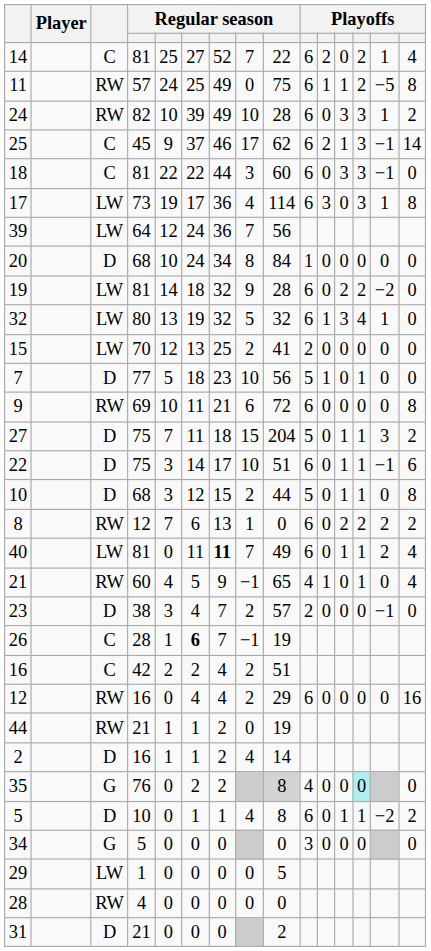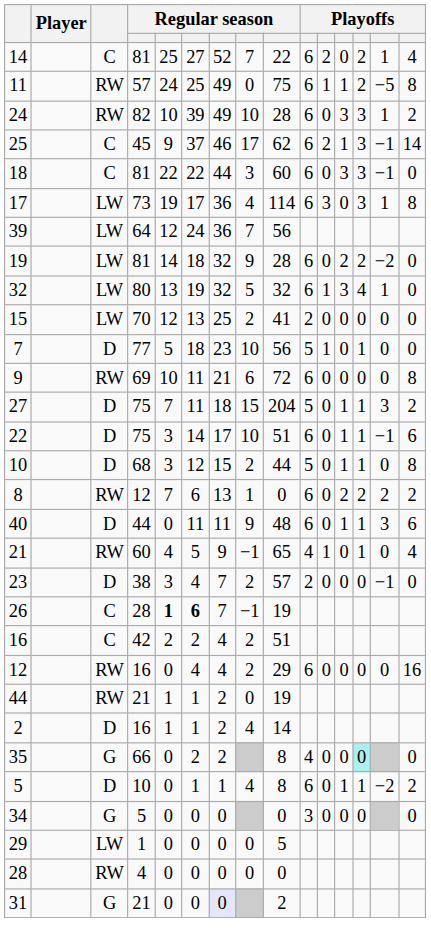 <table class="wikitable sortable plainrowheaders" style="text-align:center;">
 <tr>
 <th scope="col" data-sort-type="number" rowspan="2"></th>
 <th scope="col" rowspan="2">Player</th>
 <th scope="col" rowspan="2"></th>
 <th scope=colgroup colspan=6>Regular season</th>
 <th scope=colgroup colspan=6>Playoffs</th>
 </tr>
 <tr>
 <th scope="col" data-sort-type="number"></th>
 <th scope="col" data-sort-type="number"></th>
 <th scope="col" data-sort-type="number"></th>
 <th scope="col" data-sort-type="number"></th>
 <th scope="col" data-sort-type="number"></th>
 <th scope="col" data-sort-type="number"></th>
 <th scope="col" data-sort-type="number"></th>
 <th scope="col" data-sort-type="number"></th>
 <th scope="col" data-sort-type="number"></th>
 <th scope="col" data-sort-type="number"></th>
 <th scope="col" data-sort-type="number"></th>
 <th scope="col" data-sort-type="number"></th>
 </tr>
 <tr>
 <td scope="row">14</td>
 <td align="left"></td>
 <td>C</td>
 <td>81</td>
 <td>25</td>
 <td>27</td>
 <td>52</td>
 <td>7</td>
 <td>22</td>
 <td>6</td>
 <td>2</td>
 <td>0</td>
 <td>2</td>
 <td>1</td>
 <td>4</td>
 </tr>
 <tr>
 <td scope="row">11</td>
 <td align="left"></td>
 <td>RW</td>
 <td>57</td>
 <td>24</td>
 <td>25</td>
 <td>49</td>
 <td>0</td>
 <td>75</td>
 <td>6</td>
 <td>1</td>
 <td>1</td>
 <td>2</td>
 <td>−5</td>
 <td>8</td>
 </tr>
 <tr>
 <td scope="row">24</td>
 <td align="left"></td>
 <td>RW</td>
 <td>82</td>
 <td>10</td>
 <td>39</td>
 <td>49</td>
 <td>10</td>
 <td>28</td>
 <td>6</td>
 <td>0</td>
 <td>3</td>
 <td>3</td>
 <td>1</td>
 <td>2</td>
 </tr>
 <tr>
 <td scope="row">25</td>
 <td align="left"></td>
 <td>C</td>
 <td>45</td>
 <td>9</td>
 <td>37</td>
 <td>46</td>
 <td>17</td>
 <td>62</td>
 <td>6</td>
 <td>2</td>
 <td>1</td>
 <td>3</td>
 <td>−1</td>
 <td>14</td>
 </tr>
 <tr>
 <td scope="row">18</td>
 <td align="left"></td>
 <td>C</td>
 <td>81</td>
 <td>22</td>
 <td>22</td>
 <td>44</td>
 <td>3</td>
 <td>60</td>
 <td>6</td>
 <td>0</td>
 <td>3</td>
 <td>3</td>
 <td>−1</td>
 <td>0</td>
 </tr>
 <tr>
 <td scope="row">17</td>
 <td align="left"></td>
 <td>LW</td>
 <td>73</td>
 <td>19</td>
 <td>17</td>
 <td>36</td>
 <td>4</td>
 <td>114</td>
 <td>6</td>
 <td>3</td>
 <td>0</td>
 <td>3</td>
 <td>1</td>
 <td>8</td>
 </tr>
 <tr>
 <td scope="row">39</td>
 <td align="left"></td>
 <td>LW</td>
 <td>64</td>
 <td>12</td>
 <td>24</td>
 <td>36</td>
 <td>7</td>
 <td>56</td>
 <td></td>
 <td></td>
 <td></td>
 <td></td>
 <td></td>
 <td></td>
-</tr>
-<tr>
-<td scope="row">20</td>
-<td align="left"></td>
-<td>D</td>
-<td>68</td>
-<td>10</td>
-<td>24</td>
-<td>34</td>
-<td>8</td>
-<td>84</td>
-<td>1</td>
-<td>0</td>
-<td>0</td>
-<td>0</td>
-<td>0</td>
-<td>0</td>
 </tr>
 <tr>
 <td scope="row">19</td>
 <td align="left"></td>
 <td>LW</td>
 <td>81</td>
 <td>14</td>
 <td>18</td>
 <td>32</td>
 <td>9</td>
 <td>28</td>
 <td>6</td>
 <td>0</td>
 <td>2</td>
 <td>2</td>
 <td>−2</td>
 <td>0</td>
 </tr>
 <tr>
 <td scope="row">32</td>
 <td align="left"></td>
 <td>LW</td>
 <td>80</td>
 <td>13</td>
 <td>19</td>
 <td>32</td>
 <td>5</td>
 <td>32</td>
 <td>6</td>
 <td>1</td>
 <td>3</td>
 <td>4</td>
 <td>1</td>
 <td>0</td>
 </tr>
 <tr>
 <td scope="row">15</td>
 <td align="left"></td>
 <td>LW</td>
 <td>70</td>
 <td>12</td>
 <td>13</td>
 <td>25</td>
 <td>2</td>
 <td>41</td>
 <td>2</td>
 <td>0</td>
 <td>0</td>
 <td>0</td>
 <td>0</td>
 <td>0</td>
 </tr>
 <tr>
 <td scope="row">7</td>
 <td align="left"></td>
 <td>D</td>
 <td>77</td>
 <td>5</td>
 <td>18</td>
 <td>23</td>
 <td>10</td>
 <td>56</td>
 <td>5</td>
 <td>1</td>
 <td>0</td>
 <td>1</td>
 <td>0</td>
 <td>0</td>
 </tr>
 <tr>
 <td scope="row">9</td>
 <td align="left"></td>
 <td>RW</td>
 <td>69</td>
 <td>10</td>
 <td>11</td>
 <td>21</td>
 <td>6</td>
 <td>72</td>
 <td>6</td>
 <td>0</td>
 <td>0</td>
 <td>0</td>
 <td>0</td>
 <td>8</td>
 </tr>
 <tr>
 <td scope="row">27</td>
 <td align="left"></td>
 <td>D</td>
 <td>75</td>
 <td>7</td>
 <td>11</td>
 <td>18</td>
 <td>15</td>
 <td>204</td>
 <td>5</td>
 <td>0</td>
 <td>1</td>
 <td>1</td>
 <td>3</td>
 <td>2</td>
 </tr>
 <tr>
 <td scope="row">22</td>
 <td align="left"></td>
 <td>D</td>
 <td>75</td>
 <td>3</td>
 <td>14</td>
 <td>17</td>
 <td>10</td>
 <td>51</td>
 <td>6</td>
 <td>0</td>
 <td>1</td>
 <td>1</td>
 <td>−1</td>
 <td>6</td>
 </tr>
 <tr>
 <td scope="row">10</td>
 <td align="left"></td>
 <td>D</td>
 <td>68</td>
 <td>3</td>
 <td>12</td>
 <td>15</td>
 <td>2</td>
 <td>44</td>
 <td>5</td>
 <td>0</td>
 <td>1</td>
 <td>1</td>
 <td>0</td>
 <td>8</td>
 </tr>
 <tr>
 <td scope="row">8</td>
 <td align="left"></td>
 <td>RW</td>
 <td>12</td>
 <td>7</td>
 <td>6</td>
 <td>13</td>
 <td>1</td>
 <td>0</td>
 <td>6</td>
 <td>0</td>
 <td>2</td>
 <td>2</td>
 <td>2</td>
 <td>2</td>
 </tr>
 <tr>
 <td scope="row">40</td>
 <td align="left"></td>
-<td>LW</td>
-<td>81</td>
+<td>D</td>
+<td>44</td>
 <td>0</td>
 <td>11</td>
-<td><strong>11</strong></td>
-<td>7</td>
-<td>49</td>
+<td>11</td>
+<td>9</td>
+<td>48</td>
 <td>6</td>
 <td>0</td>
 <td>1</td>
 <td>1</td>
-<td>2</td>
-<td>4</td>
+<td>3</td>
+<td>6</td>
 </tr>
 <tr>
 <td scope="row">21</td>
 <td align="left"></td>
 <td>RW</td>
 <td>60</td>
 <td>4</td>
 <td>5</td>
 <td>9</td>
 <td>−1</td>
 <td>65</td>
 <td>4</td>
 <td>1</td>
 <td>0</td>
 <td>1</td>
 <td>0</td>
 <td>4</td>
 </tr>
 <tr>
 <td scope="row">23</td>
 <td align="left"></td>
 <td>D</td>
 <td>38</td>
 <td>3</td>
 <td>4</td>
 <td>7</td>
 <td>2</td>
 <td>57</td>
 <td>2</td>
 <td>0</td>
 <td>0</td>
 <td>0</td>
 <td>−1</td>
 <td>0</td>
 </tr>
 <tr>
 <td scope="row">26</td>
 <td align="left"></td>
 <td>C</td>
 <td>28</td>
-<td>1</td>
+<td><strong>1</strong></td>
 <td><strong>6</strong></td>
 <td>7</td>
 <td>−1</td>
 <td>19</td>
 <td></td>
 <td></td>
 <td></td>
 <td></td>
 <td></td>
 <td></td>
 </tr>
 <tr>
 <td scope="row">16</td>
 <td align="left"></td>
 <td>C</td>
 <td>42</td>
 <td>2</td>
 <td>2</td>
 <td>4</td>
 <td>2</td>
 <td>51</td>
 <td></td>
 <td></td>
 <td></td>
 <td></td>
 <td></td>
 <td></td>
 </tr>
 <tr>
 <td scope="row">12</td>
 <td align="left"></td>
 <td>RW</td>
 <td>16</td>
 <td>0</td>
 <td>4</td>
 <td>4</td>
 <td>2</td>
 <td>29</td>
 <td>6</td>
 <td>0</td>
 <td>0</td>
 <td>0</td>
 <td>0</td>
 <td>16</td>
 </tr>
 <tr>
 <td scope="row">44</td>
 <td align="left"></td>
 <td>RW</td>
 <td>21</td>
 <td>1</td>
 <td>1</td>
 <td>2</td>
 <td>0</td>
 <td>19</td>
 <td></td>
 <td></td>
 <td></td>
 <td></td>
 <td></td>
 <td></td>
 </tr>
 <tr>
 <td scope="row">2</td>
 <td align="left"></td>
 <td>D</td>
 <td>16</td>
 <td>1</td>
 <td>1</td>
 <td>2</td>
 <td>4</td>
 <td>14</td>
 <td></td>
 <td></td>
 <td></td>
 <td></td>
 <td></td>
 <td></td>
 </tr>
 <tr>
 <td scope="row">35</td>
 <td align="left"></td>
 <td>G</td>
-<td>76</td>
+<td>66</td>
 <td>0</td>
 <td>2</td>
 <td>2</td>
 <td style="background:#ccc"></td>
-<td style="background: lightgrey;">8</td>
+<td>8</td>
 <td>4</td>
 <td>0</td>
 <td>0</td>
 <td style="background: paleturquoise;">0</td>
 <td style="background:#ccc"></td>
 <td>0</td>
 </tr>
 <tr>
 <td scope="row">5</td>
 <td align="left"></td>
 <td>D</td>
 <td>10</td>
 <td>0</td>
 <td>1</td>
 <td>1</td>
 <td>4</td>
 <td>8</td>
 <td>6</td>
 <td>0</td>
 <td>1</td>
 <td>1</td>
 <td>−2</td>
 <td>2</td>
 </tr>
 <tr>
 <td scope="row">34</td>
 <td align="left"></td>
 <td>G</td>
 <td>5</td>
 <td>0</td>
 <td>0</td>
 <td>0</td>
 <td style="background:#ccc"></td>
 <td>0</td>
 <td>3</td>
 <td>0</td>
 <td>0</td>
 <td>0</td>
 <td style="background:#ccc"></td>
 <td>0</td>
 </tr>
 <tr>
 <td scope="row">29</td>
 <td align="left"></td>
 <td>LW</td>
 <td>1</td>
 <td>0</td>
 <td>0</td>
 <td>0</td>
 <td>0</td>
 <td>5</td>
 <td></td>
 <td></td>
 <td></td>
 <td></td>
 <td></td>
 <td></td>
 </tr>
 <tr>
 <td scope="row">28</td>
 <td align="left"></td>
 <td>RW</td>
 <td>4</td>
 <td>0</td>
 <td>0</td>
 <td>0</td>
 <td>0</td>
 <td>0</td>
 <td></td>
 <td></td>
 <td></td>
 <td></td>
 <td></td>
 <td></td>
 </tr>
 <tr>
 <td scope="row">31</td>
 <td align="left"></td>
-<td>D</td>
+<td>G</td>
 <td>21</td>
 <td>0</td>
 <td>0</td>
-<td>0</td>
+<td style="background: lavender;">0</td>
 <td style="background:#ccc"></td>
 <td>2</td>
 <td></td>
 <td></td>
 <td></td>
 <td></td>
 <td></td>
 <td></td>
 </tr>
 </table>
